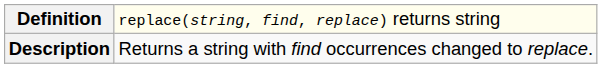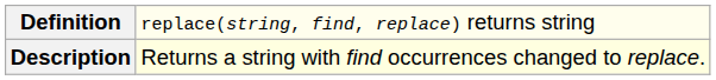 <table class="wikitable">
 <tr style="background:#fffeed;">
 <th>Definition</th>
 <td><code>replace(<em>string</em>, <em>find</em>, <em>replace</em>)</code> returns string</td>
 </tr>
 <tr>
 <th>Description</th>
-<td>Returns a string with <em>find</em> occurrences changed to <em>replace</em>.</td>
+<td style="background: lightyellow;">Returns a string with <em>find</em> occurrences changed to <em>replace</em>.</td>
 </tr>
 </table>
